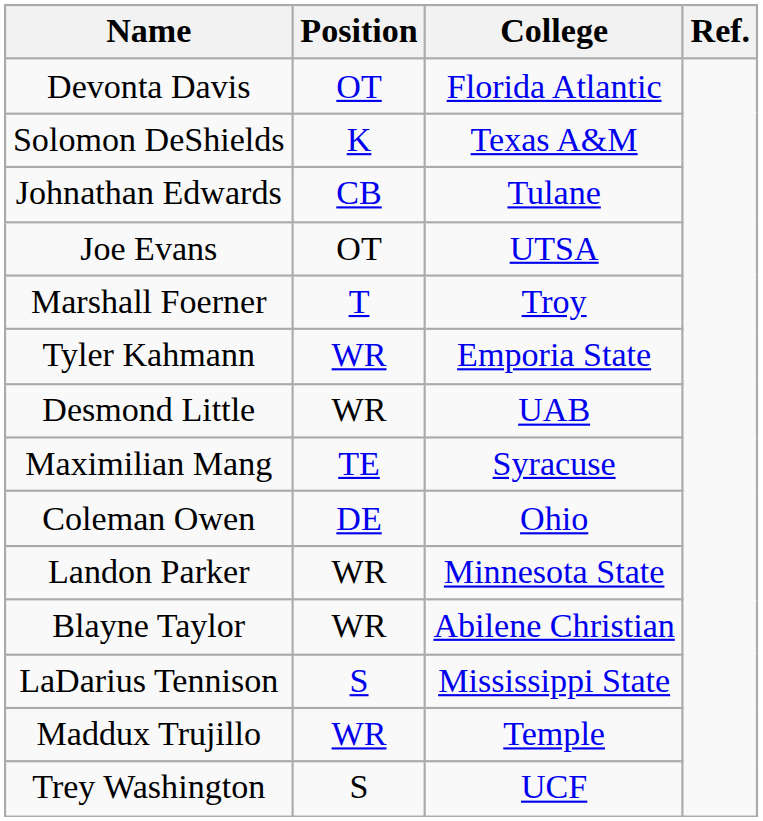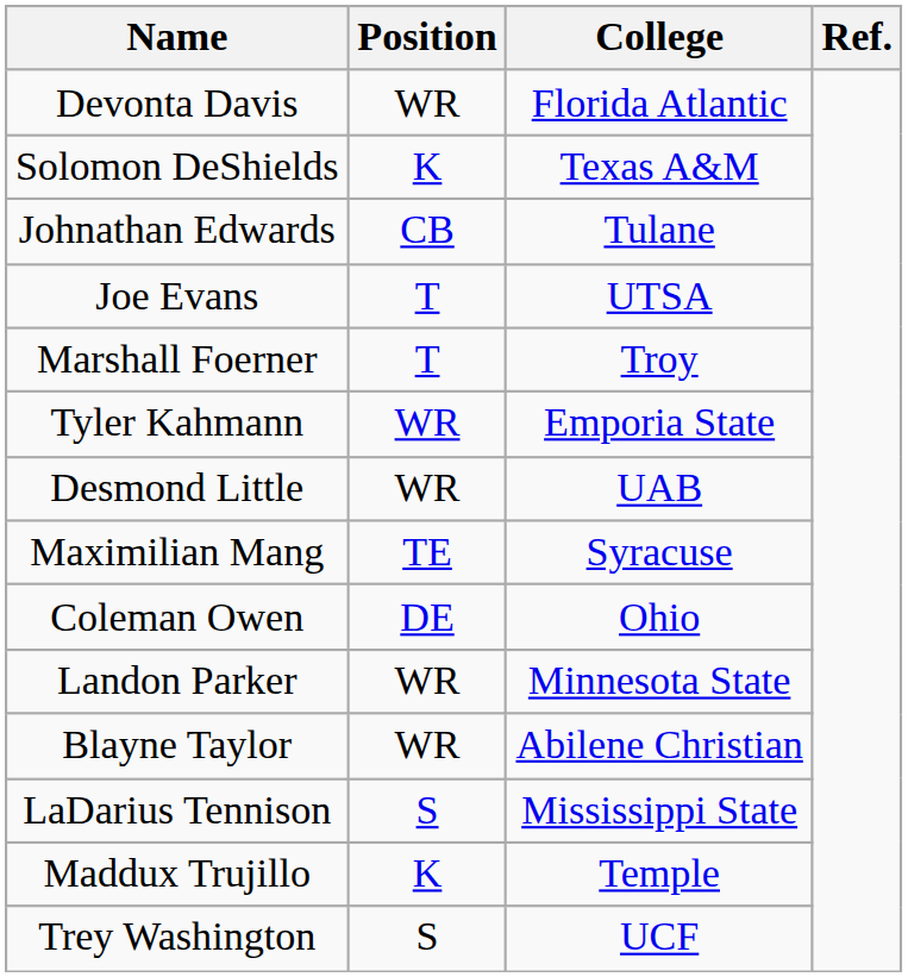 <table class="wikitable" style="text-align:center">
 <tr>
 <th>Name</th>
 <th>Position</th>
 <th>College</th>
 <th>Ref.</th>
 </tr>
 <tr>
 <td>Devonta Davis</td>
-<td><a href='#'>OT</a></td>
+<td>WR</td>
 <td><a href='#'>Florida Atlantic</a></td>
 <td rowspan="14"></td>
 </tr>
 <tr>
 <td>Solomon DeShields</td>
 <td><a href='#'>K</a></td>
 <td><a href='#'>Texas A&M</a></td>
 </tr>
 <tr>
 <td>Johnathan Edwards</td>
 <td><a href='#'>CB</a></td>
 <td><a href='#'>Tulane</a></td>
 </tr>
 <tr>
 <td>Joe Evans</td>
-<td>OT</td>
+<td><a href='#'>T</a></td>
 <td><a href='#'>UTSA</a></td>
 </tr>
 <tr>
 <td>Marshall Foerner</td>
 <td><a href='#'>T</a></td>
 <td><a href='#'>Troy</a></td>
 </tr>
 <tr>
 <td>Tyler Kahmann</td>
 <td><a href='#'>WR</a></td>
 <td><a href='#'>Emporia State</a></td>
 </tr>
 <tr>
 <td>Desmond Little</td>
 <td>WR</td>
 <td><a href='#'>UAB</a></td>
 </tr>
 <tr>
 <td>Maximilian Mang</td>
 <td><a href='#'>TE</a></td>
 <td><a href='#'>Syracuse</a></td>
 </tr>
 <tr>
 <td>Coleman Owen</td>
 <td><a href='#'>DE</a></td>
 <td><a href='#'>Ohio</a></td>
 </tr>
 <tr>
 <td>Landon Parker</td>
 <td>WR</td>
 <td><a href='#'>Minnesota State</a></td>
 </tr>
 <tr>
 <td>Blayne Taylor</td>
 <td>WR</td>
 <td><a href='#'>Abilene Christian</a></td>
 </tr>
 <tr>
 <td>LaDarius Tennison</td>
 <td><a href='#'>S</a></td>
 <td><a href='#'>Mississippi State</a></td>
 </tr>
 <tr>
 <td>Maddux Trujillo</td>
-<td><a href='#'>WR</a></td>
+<td><a href='#'>K</a></td>
 <td><a href='#'>Temple</a></td>
 </tr>
 <tr>
 <td>Trey Washington</td>
 <td>S</td>
 <td><a href='#'>UCF</a></td>
 </tr>
 </table>
